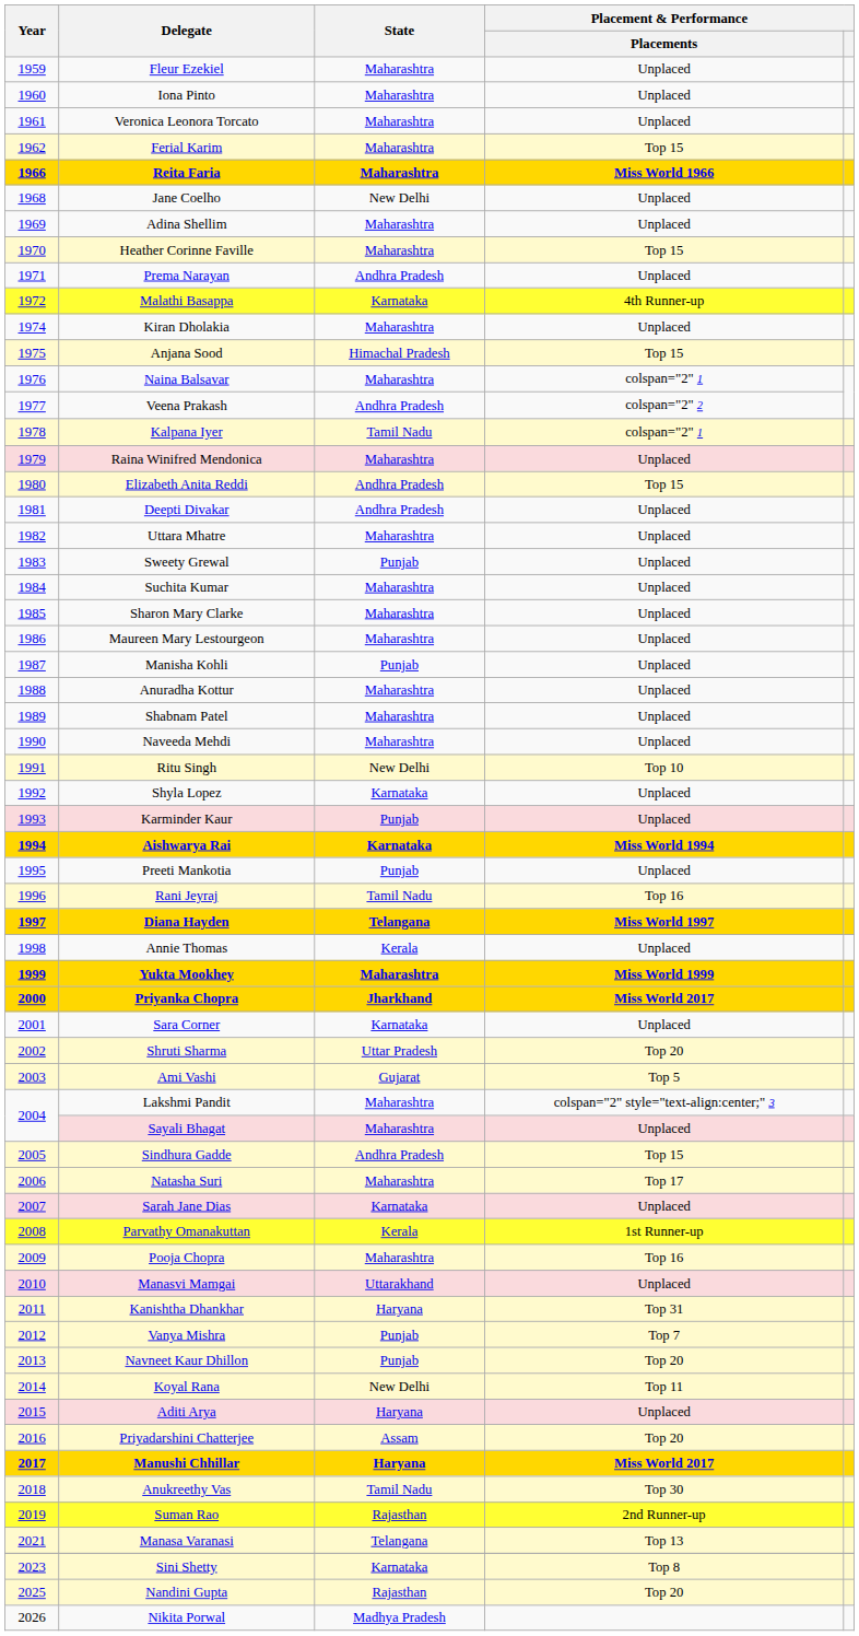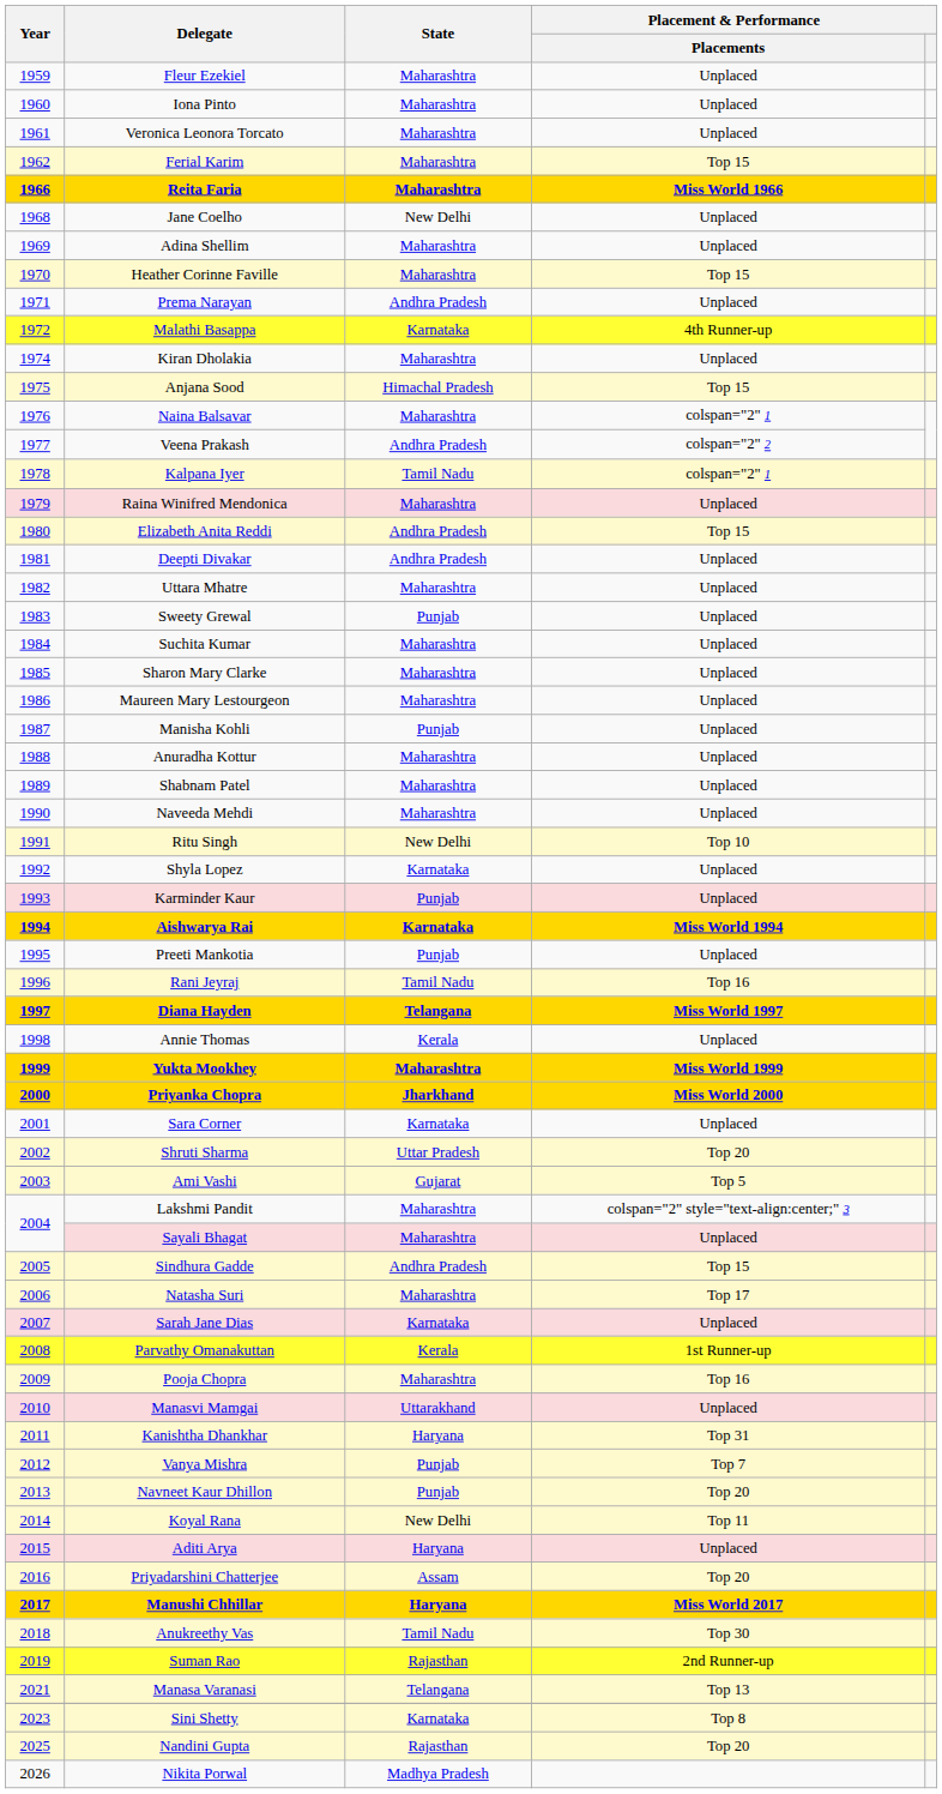 <table class="wikitable" style="text-align:center; line-height:20px; font-size:90%; width:100%;">
 <tr>
 <th rowspan="2">Year</th>
 <th rowspan="2">Delegate</th>
 <th rowspan="2">State</th>
 <th colspan="2">Placement & Performance</th>
 </tr>
 <tr>
 <th>Placements</th>
 <th></th>
 </tr>
 <tr>
 <td><a href='#'>1959</a></td>
 <td><a href='#'>Fleur Ezekiel</a></td>
 <td><a href='#'>Maharashtra</a></td>
 <td>Unplaced</td>
 <td></td>
 </tr>
 <tr>
 <td><a href='#'>1960</a></td>
 <td>Iona Pinto</td>
 <td><a href='#'>Maharashtra</a></td>
 <td>Unplaced</td>
 <td></td>
 </tr>
 <tr>
 <td><a href='#'>1961</a></td>
 <td>Veronica Leonora Torcato</td>
 <td><a href='#'>Maharashtra</a></td>
 <td>Unplaced</td>
 <td></td>
 </tr>
 <tr style="background:#FFFACD;">
 <td><a href='#'>1962</a></td>
 <td><a href='#'>Ferial Karim</a></td>
 <td><a href='#'>Maharashtra</a></td>
 <td>Top 15</td>
 <td></td>
 </tr>
 <tr style="background-color:gold;">
 <td><a href='#'><strong>1966</strong></a></td>
 <td><strong><a href='#'>Reita Faria</a></strong></td>
 <td><strong><a href='#'>Maharashtra</a></strong></td>
 <td><strong><a href='#'>Miss World 1966</a></strong></td>
 <td style="background:;"></td>
 </tr>
 <tr>
 <td><a href='#'>1968</a></td>
 <td>Jane Coelho</td>
 <td>New Delhi</td>
 <td>Unplaced</td>
 <td></td>
 </tr>
 <tr>
 <td><a href='#'>1969</a></td>
 <td>Adina Shellim</td>
 <td><a href='#'>Maharashtra</a></td>
 <td>Unplaced</td>
 <td></td>
 </tr>
 <tr style="background:#FFFACD;">
 <td><a href='#'>1970</a></td>
 <td>Heather Corinne Faville</td>
 <td><a href='#'>Maharashtra</a></td>
 <td>Top 15</td>
 <td></td>
 </tr>
 <tr>
 <td><a href='#'>1971</a></td>
 <td><a href='#'>Prema Narayan</a></td>
 <td><a href='#'>Andhra Pradesh</a></td>
 <td>Unplaced</td>
 <td></td>
 </tr>
 <tr style="background-color:#FFFF33;">
 <td><a href='#'>1972</a></td>
 <td><a href='#'>Malathi Basappa</a></td>
 <td><a href='#'>Karnataka</a></td>
 <td>4th Runner-up</td>
 <td></td>
 </tr>
 <tr>
 <td><a href='#'>1974</a></td>
 <td>Kiran Dholakia</td>
 <td><a href='#'>Maharashtra</a></td>
 <td>Unplaced</td>
 <td></td>
 </tr>
 <tr style="background:#FFFACD;">
 <td><a href='#'>1975</a></td>
 <td>Anjana Sood</td>
 <td><a href='#'>Himachal Pradesh</a></td>
 <td>Top 15</td>
 <td></td>
 </tr>
 <tr>
 <td><a href='#'>1976</a></td>
 <td><a href='#'>Naina Balsavar</a></td>
 <td><a href='#'>Maharashtra</a></td>
 <td>colspan="2"  <small><em><a href='#'>1</a></em></small></td>
 </tr>
 <tr>
 <td><a href='#'>1977</a></td>
 <td>Veena Prakash</td>
 <td><a href='#'>Andhra Pradesh</a></td>
 <td>colspan="2"  <small><em><a href='#'>2</a></em></small></td>
 </tr>
 <tr style="background:#FFFACD;">
 <td><a href='#'>1978</a></td>
 <td><a href='#'>Kalpana Iyer</a></td>
 <td><a href='#'>Tamil Nadu</a></td>
 <td>colspan="2"  <small><em><a href='#'>1</a></em></small></td>
 <td style="background:;"></td>
 </tr>
 <tr style="background:#FADADD;">
 <td><a href='#'>1979</a></td>
 <td>Raina Winifred Mendonica</td>
 <td><a href='#'>Maharashtra</a></td>
 <td>Unplaced</td>
 <td style="background:;"></td>
 </tr>
 <tr style="background:#FFFACD;">
 <td><a href='#'>1980</a></td>
 <td><a href='#'>Elizabeth Anita Reddi</a></td>
 <td><a href='#'>Andhra Pradesh</a></td>
 <td>Top 15</td>
 <td></td>
 </tr>
 <tr>
 <td><a href='#'>1981</a></td>
 <td><a href='#'>Deepti Divakar</a></td>
 <td><a href='#'>Andhra Pradesh</a></td>
 <td>Unplaced</td>
 <td></td>
 </tr>
 <tr>
 <td><a href='#'>1982</a></td>
 <td>Uttara Mhatre</td>
 <td><a href='#'>Maharashtra</a></td>
 <td>Unplaced</td>
 <td></td>
 </tr>
 <tr>
 <td><a href='#'>1983</a></td>
 <td>Sweety Grewal</td>
 <td><a href='#'>Punjab</a></td>
 <td>Unplaced</td>
 <td></td>
 </tr>
 <tr>
 <td><a href='#'>1984</a></td>
 <td>Suchita Kumar</td>
 <td><a href='#'>Maharashtra</a></td>
 <td>Unplaced</td>
 <td></td>
 </tr>
 <tr>
 <td><a href='#'>1985</a></td>
 <td>Sharon Mary Clarke</td>
 <td><a href='#'>Maharashtra</a></td>
 <td>Unplaced</td>
 <td></td>
 </tr>
 <tr>
 <td><a href='#'>1986</a></td>
 <td>Maureen Mary Lestourgeon</td>
 <td><a href='#'>Maharashtra</a></td>
 <td>Unplaced</td>
 <td></td>
 </tr>
 <tr>
 <td><a href='#'>1987</a></td>
 <td>Manisha Kohli</td>
 <td><a href='#'>Punjab</a></td>
 <td>Unplaced</td>
 <td></td>
 </tr>
 <tr>
 <td><a href='#'>1988</a></td>
 <td>Anuradha Kottur</td>
 <td><a href='#'>Maharashtra</a></td>
 <td>Unplaced</td>
 <td></td>
 </tr>
 <tr>
 <td><a href='#'>1989</a></td>
 <td>Shabnam Patel</td>
 <td><a href='#'>Maharashtra</a></td>
 <td>Unplaced</td>
 <td></td>
 </tr>
 <tr>
 <td><a href='#'>1990</a></td>
 <td>Naveeda Mehdi</td>
 <td><a href='#'>Maharashtra</a></td>
 <td>Unplaced</td>
 <td></td>
 </tr>
 <tr style="background:#FFFACD;">
 <td><a href='#'>1991</a></td>
 <td>Ritu Singh</td>
 <td>New Delhi</td>
 <td>Top 10</td>
 <td></td>
 </tr>
 <tr>
 <td><a href='#'>1992</a></td>
 <td>Shyla Lopez</td>
 <td><a href='#'>Karnataka</a></td>
 <td>Unplaced</td>
 <td></td>
 </tr>
 <tr style="background-color:#FADADD;">
 <td><a href='#'>1993</a></td>
 <td>Karminder Kaur</td>
 <td><a href='#'>Punjab</a></td>
 <td>Unplaced</td>
 <td style="background:;"></td>
 </tr>
 <tr style="background-color:gold;">
 <td><a href='#'><strong>1994</strong></a></td>
 <td><strong><a href='#'>Aishwarya Rai</a></strong></td>
 <td><strong><a href='#'>Karnataka</a></strong></td>
 <td><strong><a href='#'>Miss World 1994</a></strong></td>
 <td style="background:;"></td>
 </tr>
 <tr>
 <td><a href='#'>1995</a></td>
 <td>Preeti Mankotia</td>
 <td><a href='#'>Punjab</a></td>
 <td>Unplaced</td>
 <td></td>
 </tr>
 <tr style="background:#FFFACD;">
 <td><a href='#'>1996</a></td>
 <td><a href='#'>Rani Jeyraj</a></td>
 <td><a href='#'>Tamil Nadu</a></td>
 <td>Top 16</td>
 <td style="background:;"></td>
 </tr>
 <tr style="background-color:gold;">
 <td><a href='#'><strong>1997</strong></a></td>
 <td><strong><a href='#'>Diana Hayden</a></strong></td>
 <td><strong><a href='#'>Telangana</a></strong></td>
 <td><strong><a href='#'>Miss World 1997</a></strong></td>
 <td style="background:;"></td>
 </tr>
 <tr>
 <td><a href='#'>1998</a></td>
 <td>Annie Thomas</td>
 <td><a href='#'>Kerala</a></td>
 <td>Unplaced</td>
 <td></td>
 </tr>
 <tr style="background-color:gold;">
 <td><a href='#'><strong>1999</strong></a></td>
 <td><strong><a href='#'>Yukta Mookhey</a></strong></td>
 <td><strong><a href='#'>Maharashtra</a></strong></td>
 <td><strong><a href='#'>Miss World 1999</a></strong></td>
 <td style="background:;"></td>
 </tr>
 <tr style="background-color:gold;">
 <td><a href='#'><strong>2000</strong></a></td>
 <td><strong><a href='#'>Priyanka Chopra</a></strong></td>
 <td><strong><a href='#'>Jharkhand</a></strong></td>
-<td><strong><a href='#'>Miss World 2017</a></strong></td>
+<td><strong><a href='#'>Miss World 2000</a></strong></td>
 <td style="background:;"></td>
 </tr>
 <tr>
 <td><a href='#'>2001</a></td>
 <td><a href='#'>Sara Corner</a></td>
 <td><a href='#'>Karnataka</a></td>
 <td>Unplaced</td>
 <td></td>
 </tr>
 <tr style="background:#FFFACD;">
 <td><a href='#'>2002</a></td>
 <td><a href='#'>Shruti Sharma</a></td>
 <td><a href='#'>Uttar Pradesh</a></td>
 <td>Top 20</td>
 <td></td>
 </tr>
 <tr style="background:#FFFACD;">
 <td><a href='#'>2003</a></td>
 <td><a href='#'>Ami Vashi</a></td>
 <td><a href='#'>Gujarat</a></td>
 <td>Top 5</td>
 <td style="background:;"></td>
 </tr>
 <tr>
 <td rowspan="2"><a href='#'>2004</a></td>
 <td>Lakshmi Pandit</td>
 <td><a href='#'>Maharashtra</a></td>
 <td>colspan="2" style="text-align:center;"  <small><em><a href='#'>3</a></em></small></td>
 </tr>
 <tr style="background:#FADADD;">
 <td><a href='#'>Sayali Bhagat</a></td>
 <td><a href='#'>Maharashtra</a></td>
 <td>Unplaced</td>
 <td style="background:;"></td>
 </tr>
 <tr style="background:#FFFACD;">
 <td><a href='#'>2005</a></td>
 <td><a href='#'>Sindhura Gadde</a></td>
 <td><a href='#'>Andhra Pradesh</a></td>
 <td>Top 15</td>
 <td></td>
 </tr>
 <tr style="background:#FFFACD;">
 <td><a href='#'>2006</a></td>
 <td><a href='#'>Natasha Suri</a></td>
 <td><a href='#'>Maharashtra</a></td>
 <td>Top 17</td>
 <td style="background:;"></td>
 </tr>
 <tr style="background:#FADADD;">
 <td><a href='#'>2007</a></td>
 <td><a href='#'>Sarah Jane Dias</a></td>
 <td><a href='#'>Karnataka</a></td>
 <td>Unplaced</td>
 <td style="background:;"></td>
 </tr>
 <tr style="background-color:#FFFF33;">
 <td><a href='#'>2008</a></td>
 <td><a href='#'>Parvathy Omanakuttan</a></td>
 <td><a href='#'>Kerala</a></td>
 <td>1st Runner-up</td>
 <td style="background:;"></td>
 </tr>
 <tr style="background:#FFFACD;">
 <td><a href='#'>2009</a></td>
 <td><a href='#'>Pooja Chopra</a></td>
 <td><a href='#'>Maharashtra</a></td>
 <td>Top 16</td>
 <td style="background:;"></td>
 </tr>
 <tr style="background-color:#FADADD;:">
 <td><a href='#'>2010</a></td>
 <td><a href='#'>Manasvi Mamgai</a></td>
 <td><a href='#'>Uttarakhand</a></td>
 <td>Unplaced</td>
 <td style="background:;"></td>
 </tr>
 <tr style="background:#FFFACD;">
 <td><a href='#'>2011</a></td>
 <td><a href='#'>Kanishtha Dhankhar</a></td>
 <td><a href='#'>Haryana</a></td>
 <td>Top 31</td>
 <td style="background:;"></td>
 </tr>
 <tr style="background:#FFFACD;">
 <td><a href='#'>2012</a></td>
 <td><a href='#'>Vanya Mishra</a></td>
 <td><a href='#'>Punjab</a></td>
 <td>Top 7</td>
 <td style="background:;"></td>
 </tr>
 <tr style="background:#FFFACD;">
 <td><a href='#'>2013</a></td>
 <td><a href='#'>Navneet Kaur Dhillon</a></td>
 <td><a href='#'>Punjab</a></td>
 <td>Top 20</td>
 <td style="background:;"></td>
 </tr>
 <tr style="background:#FFFACD;">
 <td><a href='#'>2014</a></td>
 <td><a href='#'>Koyal Rana</a></td>
 <td>New Delhi</td>
 <td>Top 11</td>
 <td style="background:;"></td>
 </tr>
 <tr style="background:#FADADD;">
 <td><a href='#'>2015</a></td>
 <td><a href='#'>Aditi Arya</a></td>
 <td><a href='#'>Haryana</a></td>
 <td>Unplaced</td>
 <td style="background:;"></td>
 </tr>
 <tr style="background:#FFFACD;">
 <td><a href='#'>2016</a></td>
 <td><a href='#'>Priyadarshini Chatterjee</a></td>
 <td><a href='#'>Assam</a></td>
 <td>Top 20</td>
 <td style="background:;"></td>
 </tr>
 <tr style="background-color:gold;">
 <td><a href='#'><strong>2017</strong></a></td>
 <td><strong><a href='#'>Manushi Chhillar</a></strong></td>
 <td><strong><a href='#'>Haryana</a></strong></td>
 <td><strong><a href='#'>Miss World 2017</a></strong></td>
 <td style="background:;"></td>
 </tr>
 <tr style="background:#FFFACD;">
 <td><a href='#'>2018</a></td>
 <td><a href='#'>Anukreethy Vas</a></td>
 <td><a href='#'>Tamil Nadu</a></td>
 <td>Top 30</td>
 <td style="background:;"></td>
 </tr>
 <tr style="background-color:#FFFF33;">
 <td><a href='#'>2019</a></td>
 <td><a href='#'>Suman Rao</a></td>
 <td><a href='#'>Rajasthan</a></td>
 <td>2nd Runner-up</td>
 <td style="background:;"></td>
 </tr>
 <tr style="background:#FFFACD;">
 <td><a href='#'>2021</a></td>
 <td><a href='#'>Manasa Varanasi</a></td>
 <td><a href='#'>Telangana</a></td>
 <td>Top 13</td>
 <td style="background:;"></td>
 </tr>
 <tr>
 </tr>
 <tr style="background:#FFFACD;">
 <td><a href='#'>2023</a></td>
 <td><a href='#'>Sini Shetty</a></td>
 <td><a href='#'>Karnataka</a></td>
 <td>Top 8</td>
 <td style="background:;"></td>
 </tr>
 <tr style="background:#FFFACD;">
 <td><a href='#'>2025</a></td>
 <td><a href='#'>Nandini Gupta</a></td>
 <td><a href='#'>Rajasthan</a></td>
 <td>Top 20</td>
 <td style="background:;"></td>
 </tr>
 <tr>
 <td>2026</td>
 <td><a href='#'>Nikita Porwal</a></td>
 <td><a href='#'>Madhya Pradesh</a></td>
 <td></td>
 <td colspan=2></td>
 </tr>
 </table>
